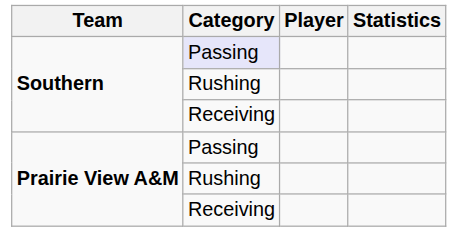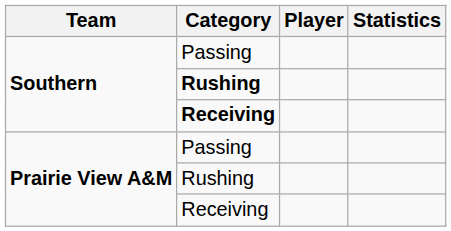 <table class="wikitable" style="float: right;">
 <tr>
 <th>Team</th>
 <th>Category</th>
 <th>Player</th>
 <th>Statistics</th>
 </tr>
 <tr>
 <td rowspan=3><strong>Southern</strong></td>
-<td style="background: lavender;">Passing</td>
+<td>Passing</td>
 <td></td>
 <td></td>
 </tr>
 <tr>
-<td>Rushing</td>
+<td><strong>Rushing</strong></td>
 <td></td>
 <td></td>
 </tr>
 <tr>
-<td>Receiving</td>
+<td><strong>Receiving</strong></td>
 <td></td>
 <td></td>
 </tr>
 <tr>
 <td rowspan=3><strong>Prairie View A&M</strong></td>
 <td>Passing</td>
 <td></td>
 <td></td>
 </tr>
 <tr>
 <td>Rushing</td>
 <td></td>
 <td></td>
 </tr>
 <tr>
 <td>Receiving</td>
 <td></td>
 <td></td>
 </tr>
 </table>
